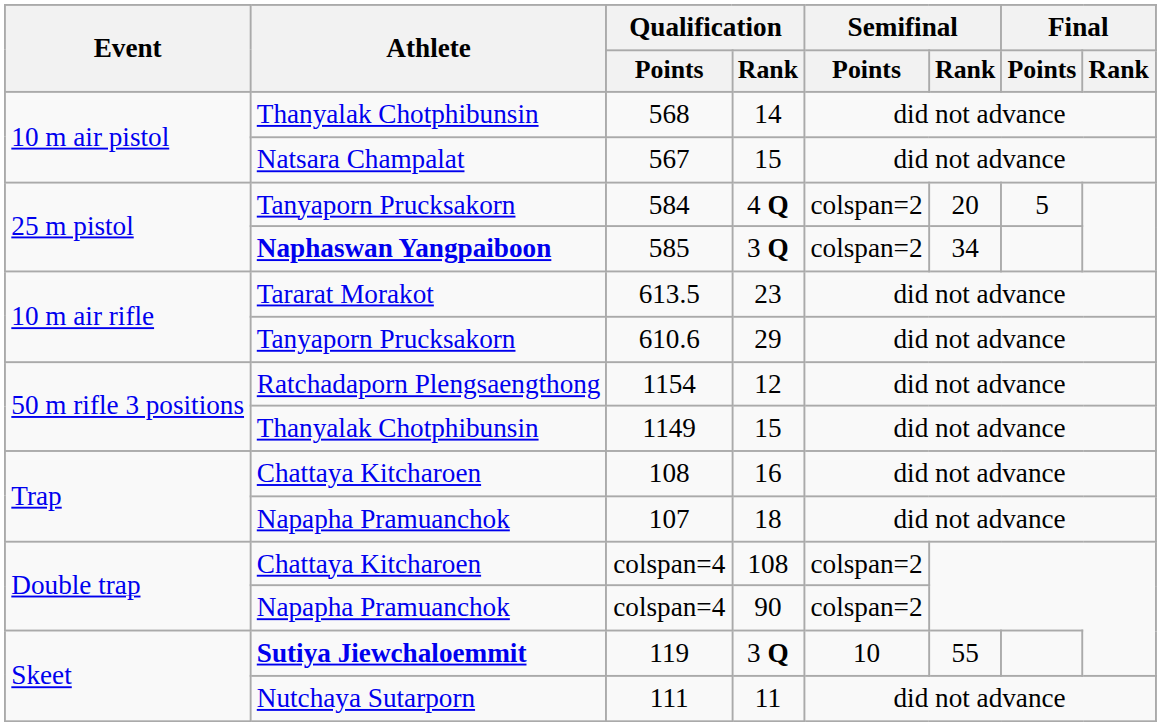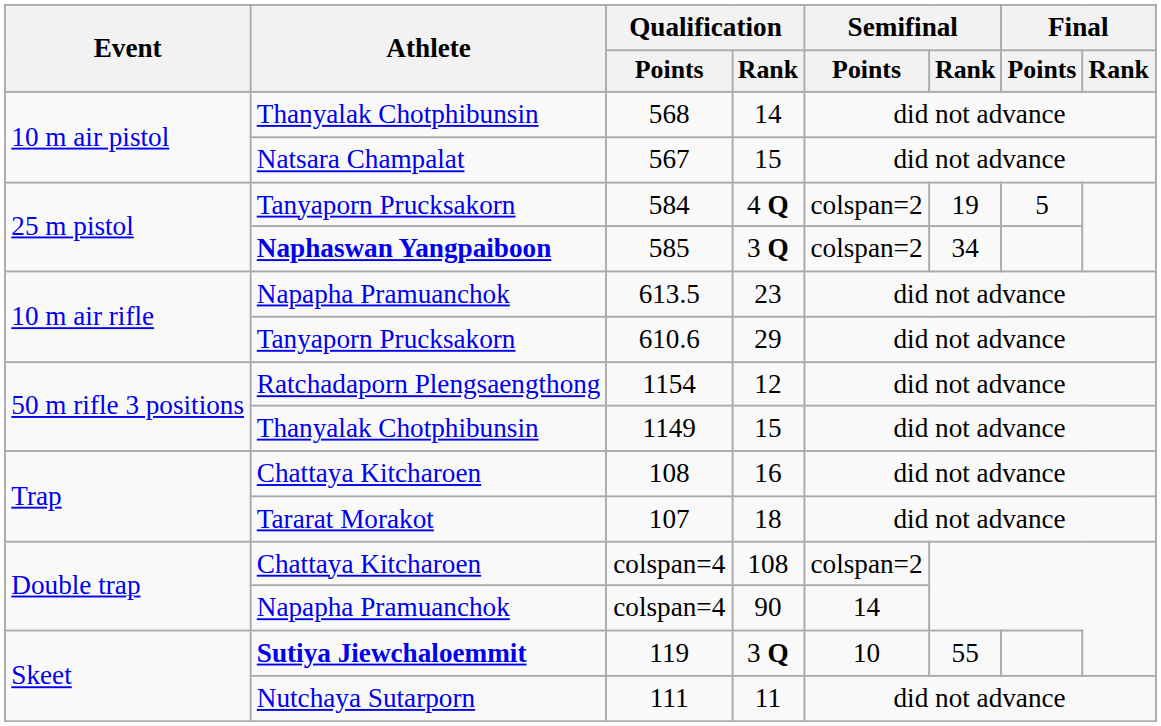 <table class="wikitable" style="font-size:90%">
 <tr>
 <th rowspan="2">Event</th>
 <th rowspan="2">Athlete</th>
 <th colspan=2>Qualification</th>
 <th colspan=2>Semifinal</th>
 <th colspan=2>Final</th>
 </tr>
 <tr style="font-size:95%">
 <th>Points</th>
 <th>Rank</th>
 <th>Points</th>
 <th>Rank</th>
 <th>Points</th>
 <th>Rank</th>
 </tr>
 <tr align=center>
 <td align=left rowspan=2><a href='#'>10 m air pistol</a></td>
 <td align=left><a href='#'>Thanyalak Chotphibunsin</a></td>
 <td>568</td>
 <td>14</td>
 <td colspan=4>did not advance</td>
 </tr>
 <tr align=center>
 <td align=left><a href='#'>Natsara Champalat</a></td>
 <td>567</td>
 <td>15</td>
 <td colspan=4>did not advance</td>
 </tr>
 <tr align=center>
 <td align=left rowspan=2><a href='#'>25 m pistol</a></td>
 <td align=left><a href='#'>Tanyaporn Prucksakorn</a></td>
 <td>584</td>
 <td>4 <strong>Q</strong></td>
 <td>colspan=2 </td>
-<td>20</td>
+<td>19</td>
 <td>5</td>
 </tr>
 <tr align=center>
 <td align=left><strong><a href='#'>Naphaswan Yangpaiboon</a></strong></td>
 <td>585</td>
 <td>3 <strong>Q</strong></td>
 <td>colspan=2 </td>
 <td>34</td>
 <td></td>
 </tr>
 <tr align=center>
 <td align=left rowspan=2><a href='#'>10 m air rifle</a></td>
-<td align=left><a href='#'>Tararat Morakot</a></td>
+<td align=left><a href='#'>Napapha Pramuanchok</a></td>
 <td>613.5</td>
 <td>23</td>
 <td colspan=4>did not advance</td>
 </tr>
 <tr align=center>
 <td align=left><a href='#'>Tanyaporn Prucksakorn</a></td>
 <td>610.6</td>
 <td>29</td>
 <td colspan=4>did not advance</td>
 </tr>
 <tr align=center>
 <td align=left rowspan=2><a href='#'>50 m rifle 3 positions</a></td>
 <td align=left><a href='#'>Ratchadaporn Plengsaengthong</a></td>
 <td>1154</td>
 <td>12</td>
 <td colspan=4>did not advance</td>
 </tr>
 <tr align=center>
 <td align=left><a href='#'>Thanyalak Chotphibunsin</a></td>
 <td>1149</td>
 <td>15</td>
 <td colspan=4>did not advance</td>
 </tr>
 <tr align=center>
 <td align=left rowspan=2><a href='#'>Trap</a></td>
 <td align=left><a href='#'>Chattaya Kitcharoen</a></td>
 <td>108</td>
 <td>16</td>
 <td colspan=4>did not advance</td>
 </tr>
 <tr align=center>
-<td align=left><a href='#'>Napapha Pramuanchok</a></td>
+<td align=left><a href='#'>Tararat Morakot</a></td>
 <td>107</td>
 <td>18</td>
 <td colspan=4>did not advance</td>
 </tr>
 <tr align=center>
 <td align=left rowspan=2><a href='#'>Double trap</a></td>
 <td align=left><a href='#'>Chattaya Kitcharoen</a></td>
 <td>colspan=4 </td>
 <td>108</td>
 <td>colspan=2 </td>
 </tr>
 <tr align=center>
 <td align=left><a href='#'>Napapha Pramuanchok</a></td>
 <td>colspan=4 </td>
 <td>90</td>
-<td>colspan=2 </td>
+<td>14</td>
 </tr>
 <tr align=center>
 <td align=left rowspan=2><a href='#'>Skeet</a></td>
 <td align=left><strong><a href='#'>Sutiya Jiewchaloemmit</a></strong></td>
 <td>119</td>
 <td>3 <strong>Q</strong></td>
 <td>10</td>
 <td>55</td>
 <td></td>
 </tr>
 <tr align=center>
 <td align=left><a href='#'>Nutchaya Sutarporn</a></td>
 <td>111</td>
 <td>11</td>
 <td colspan=4>did not advance</td>
 </tr>
 </table>
